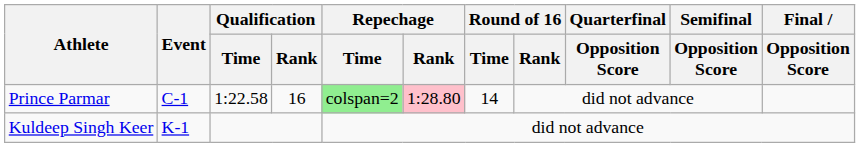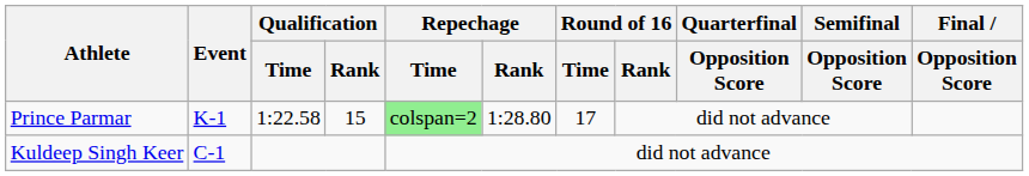 <table class="wikitable" style="text-align:center; font-size:90%">
 <tr>
 <th rowspan=2>Athlete</th>
 <th rowspan=2>Event</th>
 <th colspan=2>Qualification</th>
 <th colspan=2>Repechage</th>
 <th colspan=2>Round of 16</th>
 <th>Quarterfinal</th>
 <th>Semifinal</th>
 <th>Final / </th>
 </tr>
 <tr>
 <th>Time</th>
 <th>Rank</th>
 <th>Time</th>
 <th>Rank</th>
 <th>Time</th>
 <th>Rank</th>
 <th>Opposition<br>Score</th>
 <th>Opposition<br>Score</th>
 <th>Opposition<br>Score</th>
 </tr>
 <tr>
 <td align=left><a href='#'>Prince Parmar</a></td>
-<td align=left><a href='#'>C-1</a></td>
+<td align=left><a href='#'>K-1</a></td>
 <td>1:22.58</td>
-<td>16</td>
+<td>15</td>
 <td style="background: lightgreen;">colspan=2 </td>
-<td style="background: pink;">1:28.80</td>
-<td>14</td>
+<td>1:28.80</td>
+<td>17</td>
 <td colspan=3>did not advance</td>
 </tr>
 <tr>
 <td align=left><a href='#'>Kuldeep Singh Keer</a></td>
-<td align=left><a href='#'>K-1</a></td>
+<td align=left><a href='#'>C-1</a></td>
 <td colspan=2></td>
 <td colspan=7>did not advance</td>
 </tr>
 </table>
